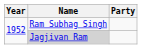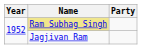 <table class="wikitable">
 <tr>
 <th>Year</th>
 <th>Name</th>
 <th colspan="2">Party</th>
 </tr>
 <tr>
 <td rowspan="2"><a href='#'>1952</a></td>
-<td><a href='#'>Ram Subhag Singh</a></td>
+<td style="background: khaki;"><a href='#'>Ram Subhag Singh</a></td>
 <td></td>
 </tr>
 <tr>
-<td style="background: lightgrey;"><a href='#'>Jagjivan Ram</a></td>
+<td><a href='#'>Jagjivan Ram</a></td>
 </tr>
 </table>
